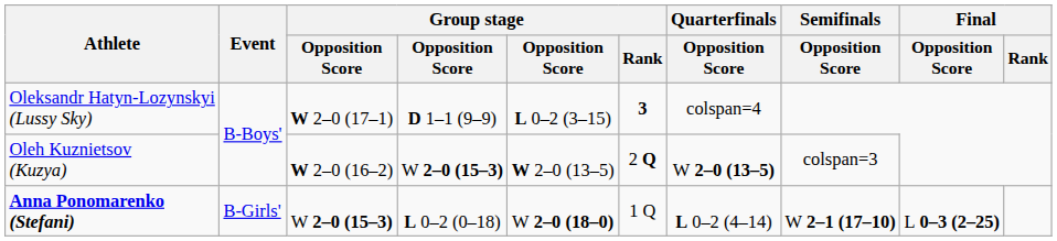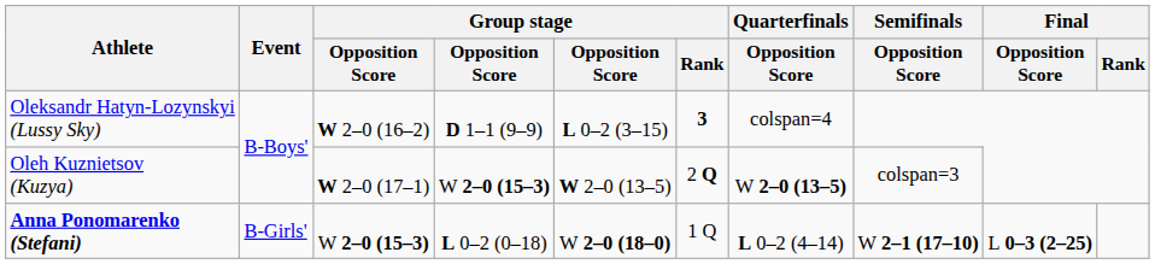 <table class=wikitable style="font-size:90%">
 <tr>
 <th rowspan="2">Athlete</th>
 <th rowspan="2">Event</th>
 <th colspan="4">Group stage</th>
 <th>Quarterfinals</th>
 <th>Semifinals</th>
 <th colspan=2>Final</th>
 </tr>
 <tr style="font-size:95%">
 <th>Opposition<br>Score</th>
 <th>Opposition<br>Score</th>
 <th>Opposition<br>Score</th>
 <th>Rank</th>
 <th>Opposition<br>Score</th>
 <th>Opposition<br>Score</th>
 <th>Opposition<br>Score</th>
 <th>Rank</th>
 </tr>
 <tr align=center>
 <td align=left><a href='#'>Oleksandr Hatyn-Lozynskyi</a><br><em>(Lussy Sky)</em></td>
 <td align=left rowspan="2"><a href='#'>B-Boys'</a></td>
-<td><br><strong>W</strong> 2–0 (17–1)</td>
+<td><br><strong>W</strong> 2–0 (16–2)</td>
 <td><br><strong>D</strong> 1–1 (9–9)</td>
 <td><br><strong>L</strong> 0–2 (3–15)</td>
 <td><strong>3</strong></td>
 <td>colspan=4 </td>
 </tr>
 <tr align=center>
 <td align=left><a href='#'>Oleh Kuznietsov</a><br><em>(Kuzya)</em></td>
-<td><br><strong>W</strong> 2–0 (16–2)</td>
+<td><br><strong>W</strong> 2–0 (17–1)</td>
 <td><br></strong>W<strong> 2–0 (15–3)</td>
 <td><br><strong>W</strong> 2–0 (13–5)</td>
 <td>2 <strong>Q</strong></td>
 <td><br></strong>W<strong> 2–0 (13–5)</td>
 <td>colspan=3 </td>
 </tr>
 <tr align=center>
 <td align=left><strong><a href='#'>Anna Ponomarenko</a><br><em>(Stefani)<strong><em></td>
 <td align=left><a href='#'>B-Girls'</a></td>
 <td><br></strong>W<strong> 2–0 (15–3)</td>
 <td><br><strong>L</strong> 0–2 (0–18)</td>
 <td><br></strong>W<strong> 2–0 (18–0)</td>
 <td>1 </strong>Q<strong></td>
 <td><br><strong>L</strong> 0–2 (4–14)</td>
 <td><br></strong>W<strong> 2–1 (17–10)</td>
 <td><br></strong>L<strong> 0–3 (2–25)</td>
 <td></td>
 </tr>
 </table>
